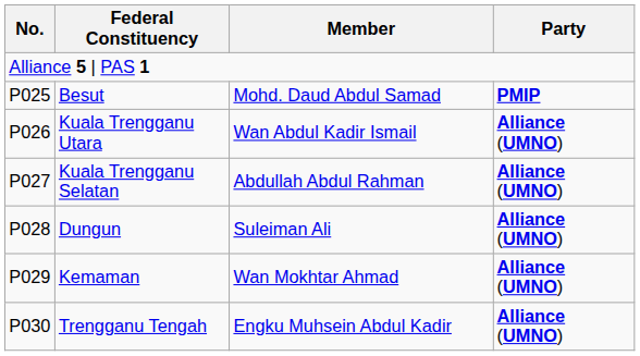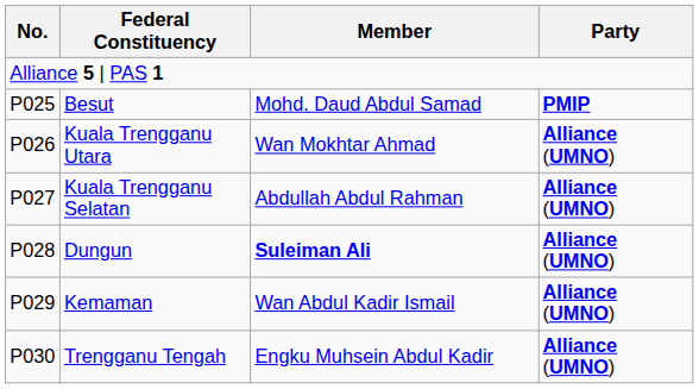 <table class="wikitable sortable">
 <tr>
 <th style="width:30px;">No.</th>
 <th style="width:150px;">Federal Constituency</th>
 <th style="width:230px;">Member</th>
 <th style="width:120px;">Party</th>
 </tr>
 <tr>
 <td colspan="4"><a href='#'>Alliance</a> <strong>5</strong> | <a href='#'>PAS</a> <strong>1</strong></td>
 </tr>
 <tr>
 <td>P025</td>
 <td><a href='#'>Besut</a></td>
 <td><a href='#'>Mohd. Daud Abdul Samad</a></td>
 <td><strong><a href='#'>PMIP</a></strong></td>
 </tr>
 <tr>
 <td>P026</td>
 <td><a href='#'>Kuala Trengganu Utara</a></td>
-<td><a href='#'>Wan Abdul Kadir Ismail</a></td>
+<td><a href='#'>Wan Mokhtar Ahmad</a></td>
 <td><strong><a href='#'>Alliance</a></strong> (<strong><a href='#'>UMNO</a></strong>)</td>
 </tr>
 <tr>
 <td>P027</td>
 <td><a href='#'>Kuala Trengganu Selatan</a></td>
 <td><a href='#'>Abdullah Abdul Rahman</a></td>
 <td><strong><a href='#'>Alliance</a></strong> (<strong><a href='#'>UMNO</a></strong>)</td>
 </tr>
 <tr>
 <td>P028</td>
 <td><a href='#'>Dungun</a></td>
-<td><a href='#'>Suleiman Ali</a></td>
+<td><strong><a href='#'>Suleiman Ali</a></strong></td>
 <td><strong><a href='#'>Alliance</a></strong> (<strong><a href='#'>UMNO</a></strong>)</td>
 </tr>
 <tr>
 <td>P029</td>
 <td><a href='#'>Kemaman</a></td>
-<td><a href='#'>Wan Mokhtar Ahmad</a></td>
+<td><a href='#'>Wan Abdul Kadir Ismail</a></td>
 <td><strong><a href='#'>Alliance</a></strong> (<strong><a href='#'>UMNO</a></strong>)</td>
 </tr>
 <tr>
 <td>P030</td>
 <td><a href='#'>Trengganu Tengah</a></td>
 <td><a href='#'>Engku Muhsein Abdul Kadir</a></td>
 <td><strong><a href='#'>Alliance</a></strong> (<strong><a href='#'>UMNO</a></strong>)</td>
 </tr>
 </table>
